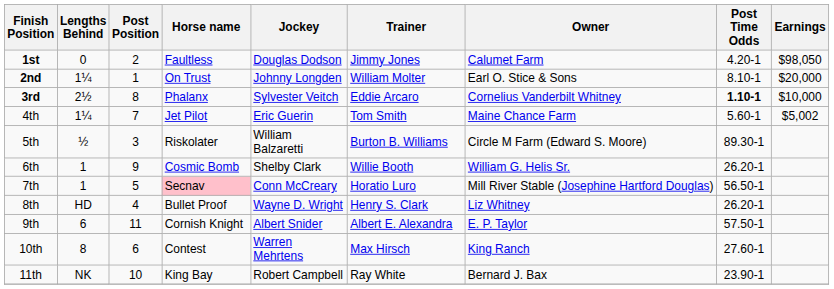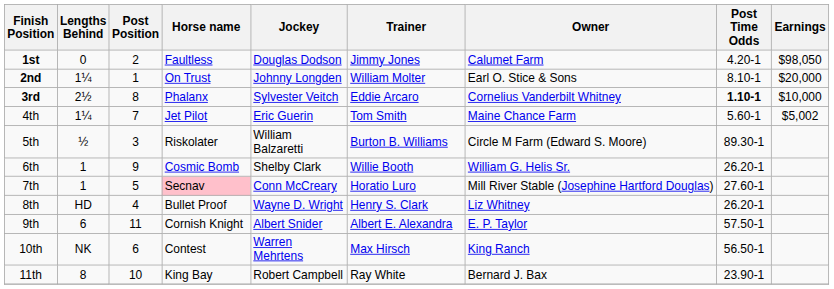 <table class="wikitable sortable" | border="2" cellpadding="1" style="border-collapse: collapse; font-size:90%">
 <tr>
 <th width="40px">Finish <br> Position</th>
 <th width="40px">Lengths <br> Behind</th>
 <th width="40px">Post <br> Position</th>
 <th width="100px">Horse name</th>
 <th width="110px">Jockey</th>
 <th width="135px">Trainer</th>
 <th>Owner</th>
 <th width="60x">Post Time <span></span> Odds</th>
 <th width="35px">Earnings</th>
 </tr>
 <tr>
 <td align=center><strong>1<span>st</span></strong></td>
 <td align=center>0</td>
 <td align=center>2</td>
 <td><a href='#'>Faultless</a></td>
 <td><a href='#'>Douglas Dodson</a></td>
 <td><a href='#'>Jimmy Jones</a></td>
 <td><a href='#'>Calumet Farm</a></td>
 <td align=center>4.20-1</td>
 <td align=center>$98,050</td>
 </tr>
 <tr>
 <td align=center><strong>2<span>nd</span></strong></td>
 <td align=center>1¼</td>
 <td align=center>1</td>
 <td><a href='#'>On Trust</a></td>
 <td><a href='#'>Johnny Longden</a></td>
 <td><a href='#'>William Molter</a></td>
 <td>Earl O. Stice & Sons</td>
 <td align=center>8.10-1</td>
 <td align=center>$20,000</td>
 </tr>
 <tr>
 <td align=center><strong>3<span>rd</span></strong></td>
 <td align=center>2½</td>
 <td align=center>8</td>
 <td><a href='#'>Phalanx</a></td>
 <td><a href='#'>Sylvester Veitch</a></td>
 <td><a href='#'>Eddie Arcaro</a></td>
 <td><a href='#'>Cornelius Vanderbilt Whitney</a></td>
 <td align=center><strong>1.10-1</strong></td>
 <td align=center>$10,000</td>
 </tr>
 <tr>
 <td align=center>4<span>th</span></td>
 <td align=center>1¼</td>
 <td align=center>7</td>
 <td><a href='#'>Jet Pilot</a></td>
 <td><a href='#'>Eric Guerin</a></td>
 <td><a href='#'>Tom Smith</a></td>
 <td><a href='#'>Maine Chance Farm</a></td>
 <td align=center>5.60-1</td>
 <td align=center>$5,002</td>
 </tr>
 <tr>
 <td align=center>5<span>th</span></td>
 <td align=center>½</td>
 <td align=center>3</td>
 <td>Riskolater</td>
 <td>William Balzaretti</td>
 <td><a href='#'>Burton B. Williams</a></td>
 <td>Circle M Farm (Edward S. Moore)</td>
 <td align=center>89.30-1</td>
 <td></td>
 </tr>
 <tr>
 <td align=center>6<span>th</span></td>
 <td align=center>1</td>
 <td align=center>9</td>
 <td><a href='#'>Cosmic Bomb</a></td>
 <td>Shelby Clark</td>
 <td><a href='#'>Willie Booth</a></td>
 <td><a href='#'>William G. Helis Sr.</a></td>
 <td align=center>26.20-1</td>
 <td></td>
 </tr>
 <tr>
 <td align=center>7<span>th</span></td>
 <td align=center>1</td>
 <td align=center>5</td>
 <td style="background: pink;">Secnav</td>
 <td><a href='#'>Conn McCreary</a></td>
 <td><a href='#'>Horatio Luro</a></td>
 <td>Mill River Stable (<a href='#'>Josephine Hartford Douglas</a>)</td>
-<td align=center>56.50-1</td>
+<td align=center>27.60-1</td>
 <td></td>
 </tr>
 <tr>
 <td align=center>8<span>th</span></td>
 <td align=center>HD</td>
 <td align=center>4</td>
 <td>Bullet Proof</td>
 <td><a href='#'>Wayne D. Wright</a></td>
 <td><a href='#'>Henry S. Clark</a></td>
 <td><a href='#'>Liz Whitney</a></td>
 <td align=center>26.20-1</td>
 <td></td>
 </tr>
 <tr>
 <td align=center>9<span>th</span></td>
 <td align=center>6</td>
 <td align=center>11</td>
 <td>Cornish Knight</td>
 <td><a href='#'>Albert Snider</a></td>
 <td><a href='#'>Albert E. Alexandra</a></td>
 <td><a href='#'>E. P. Taylor</a></td>
 <td align=center>57.50-1</td>
 <td></td>
 </tr>
 <tr>
 <td align=center>10<span>th</span></td>
-<td align=center>8</td>
+<td align=center>NK</td>
 <td align=center>6</td>
 <td>Contest</td>
 <td><a href='#'>Warren Mehrtens</a></td>
 <td><a href='#'>Max Hirsch</a></td>
 <td><a href='#'>King Ranch</a></td>
-<td align=center>27.60-1</td>
+<td align=center>56.50-1</td>
 <td></td>
 </tr>
 <tr>
 <td align=center>11<span>th</span></td>
-<td align=center>NK</td>
+<td align=center>8</td>
 <td align=center>10</td>
 <td>King Bay</td>
 <td>Robert Campbell</td>
 <td>Ray White</td>
 <td>Bernard J. Bax</td>
 <td align=center>23.90-1</td>
 <td></td>
 </tr>
 <tr>
 </tr>
 </table>
